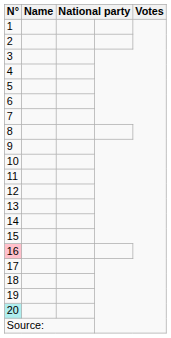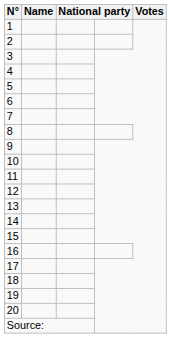 <table class="wikitable sortable" style="font-size:95%;line-height:14px;">
 <tr>
 <th>N°</th>
 <th>Name</th>
 <th colspan="2">National party</th>
 <th>Votes</th>
 </tr>
 <tr>
 <td>1</td>
 <td></td>
 <td></td>
 <td></td>
 </tr>
 <tr>
 <td>2</td>
 <td></td>
 <td></td>
 <td></td>
 </tr>
 <tr>
 <td>3</td>
 <td></td>
 <td></td>
 </tr>
 <tr>
 <td>4</td>
 <td></td>
 <td></td>
 </tr>
 <tr>
 <td>5</td>
 <td></td>
 <td></td>
 </tr>
 <tr>
 <td>6</td>
 <td></td>
 <td></td>
 </tr>
 <tr>
 <td>7</td>
 <td></td>
 <td></td>
 </tr>
 <tr>
 <td>8</td>
 <td></td>
 <td></td>
 <td></td>
 </tr>
 <tr>
 <td>9</td>
 <td></td>
 <td></td>
 </tr>
 <tr>
 <td>10</td>
 <td></td>
 <td></td>
 </tr>
 <tr>
 <td>11</td>
 <td></td>
 <td></td>
 </tr>
 <tr>
 <td>12</td>
 <td></td>
 <td></td>
 </tr>
 <tr>
 <td>13</td>
 <td></td>
 <td></td>
 </tr>
 <tr>
 <td>14</td>
 <td></td>
 <td></td>
 </tr>
 <tr>
 <td>15</td>
 <td></td>
 <td></td>
 </tr>
 <tr>
-<td style="background: pink;">16</td>
+<td>16</td>
 <td></td>
 <td></td>
 <td></td>
 </tr>
 <tr>
 <td>17</td>
 <td></td>
 <td></td>
 </tr>
 <tr>
 <td>18</td>
 <td></td>
 <td></td>
 </tr>
 <tr>
 <td>19</td>
 <td></td>
 <td></td>
 </tr>
 <tr>
-<td style="background: paleturquoise;">20</td>
+<td>20</td>
 <td></td>
 <td></td>
 </tr>
 <tr>
 <td colspan="3">Source: </td>
 </tr>
 </table>
